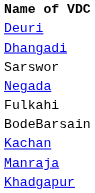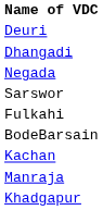 <table>
 <tr>
 <th>Name of VDC</th>
 </tr>
 <tr>
 <td><a href='#'>Deuri</a></td>
 </tr>
 <tr>
 <td><a href='#'>Dhangadi</a></td>
 </tr>
 <tr>
-<td>Sarswor</td>
+<td><a href='#'>Negada</a></td>
 </tr>
 <tr>
-<td><a href='#'>Negada</a></td>
+<td>Sarswor</td>
 </tr>
 <tr>
 <td>Fulkahi</td>
 </tr>
 <tr>
 <td>BodeBarsain</td>
 </tr>
 <tr>
 <td><a href='#'>Kachan</a></td>
 </tr>
 <tr>
 <td><a href='#'>Manraja</a></td>
 </tr>
 <tr>
 <td><a href='#'>Khadgapur</a></td>
 </tr>
 </table>
